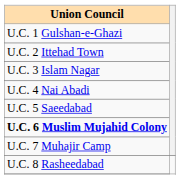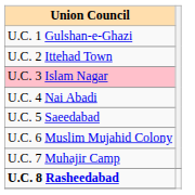 <table class="sortable wikitable" align="left">
 <tr>
 <th style="background:#ffdead;"><strong>Union Council</strong></th>
 <th rowspan=8 style="border-bottom:1px solid grey;" valign="top" class="unsortable"><br><br></th>
 </tr>
 <tr>
 <td style="border-bottom:1px solid grey;">U.C. 1 <a href='#'>Gulshan-e-Ghazi</a></td>
 </tr>
 <tr>
 <td style="border-bottom:1px solid grey;">U.C. 2 <a href='#'>Ittehad Town</a></td>
 </tr>
 <tr>
-<td style="border-bottom:1px solid grey;">U.C. 3 <a href='#'>Islam Nagar</a></td>
+<td style="background: pink; border-bottom:1px solid grey;">U.C. 3 <a href='#'>Islam Nagar</a></td>
 </tr>
 <tr>
 <td style="border-bottom:1px solid grey;">U.C. 4 <a href='#'>Nai Abadi</a></td>
 </tr>
 <tr>
 <td style="border-bottom:1px solid grey;">U.C. 5 <a href='#'>Saeedabad</a></td>
 </tr>
 <tr>
-<td style="border-bottom:1px solid grey;"><strong>U.C. 6 <a href='#'>Muslim Mujahid Colony</a></strong></td>
+<td style="border-bottom:1px solid grey;">U.C. 6 <a href='#'>Muslim Mujahid Colony</a></td>
 </tr>
 <tr>
 <td style="border-bottom:1px solid grey;">U.C. 7 <a href='#'>Muhajir Camp</a></td>
 </tr>
 <tr>
-<td style="border-bottom:1px solid grey;">U.C. 8 <a href='#'>Rasheedabad</a></td>
+<td style="border-bottom:1px solid grey;"><strong>U.C. 8 <a href='#'>Rasheedabad</a></strong></td>
 </tr>
 <tr>
 </tr>
 </table>
